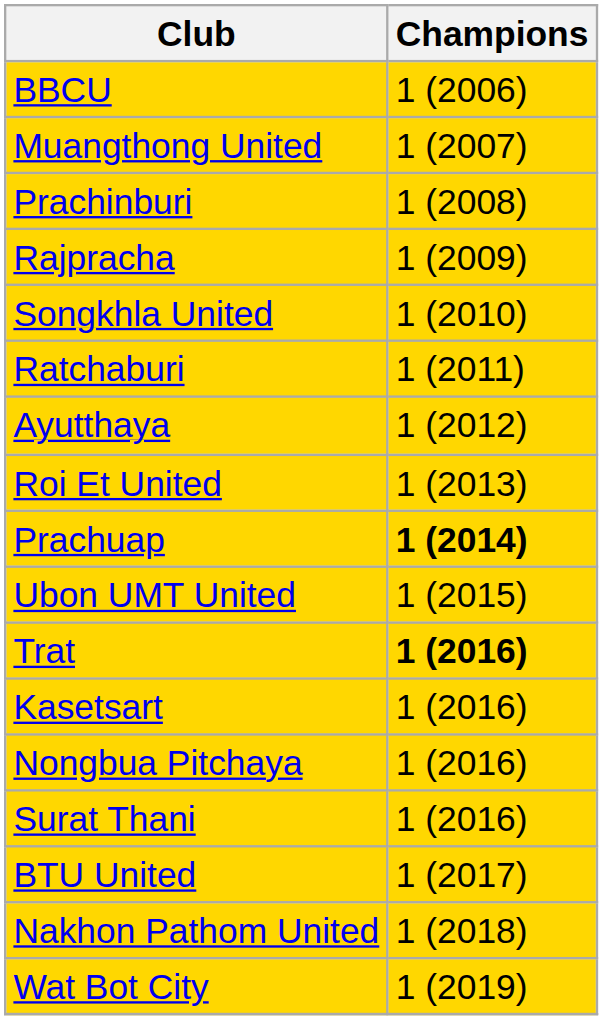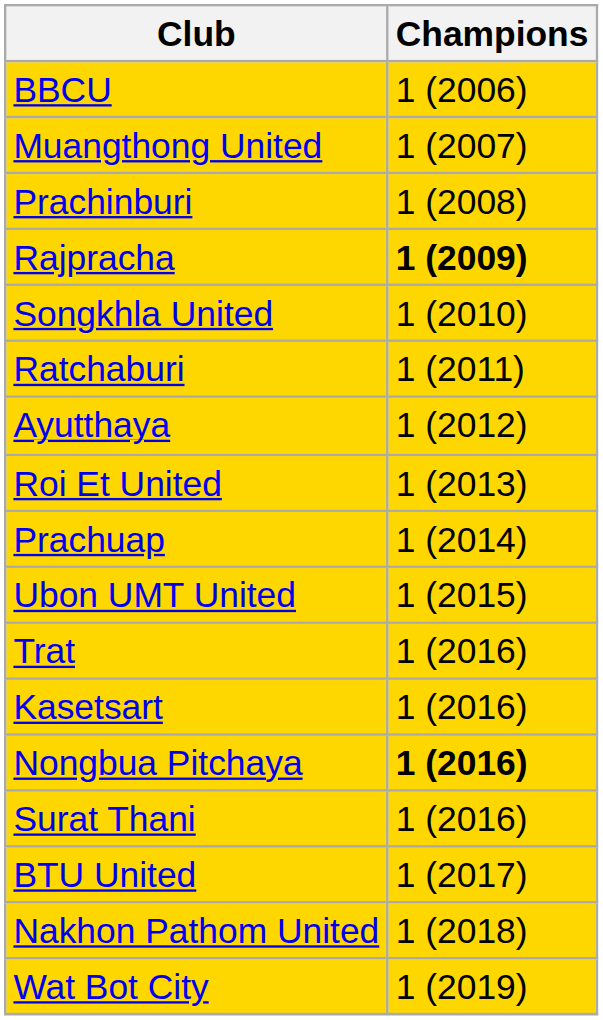 <table class="wikitable sortable" style="font-size: 95%;">
 <tr>
 <th>Club</th>
 <th>Champions</th>
 </tr>
 <tr ! style="background:gold;">
 <td><a href='#'>BBCU</a></td>
 <td>1 (2006)</td>
 </tr>
 <tr ! style="background:gold;">
 <td><a href='#'>Muangthong United</a></td>
 <td>1 (2007)</td>
 </tr>
 <tr ! style="background:gold;">
 <td><a href='#'>Prachinburi</a></td>
 <td>1 (2008)</td>
 </tr>
 <tr ! style="background:gold;">
 <td><a href='#'>Rajpracha</a></td>
-<td>1 (2009)</td>
+<td><strong>1 (2009)</strong></td>
 </tr>
 <tr ! style="background:gold;">
 <td><a href='#'>Songkhla United</a></td>
 <td>1 (2010)</td>
 </tr>
 <tr ! style="background:gold;">
 <td><a href='#'>Ratchaburi</a></td>
 <td>1 (2011)</td>
 </tr>
 <tr ! style="background:gold;">
 <td><a href='#'>Ayutthaya</a></td>
 <td>1 (2012)</td>
 </tr>
 <tr ! style="background:gold;">
 <td><a href='#'>Roi Et United</a></td>
 <td>1 (2013)</td>
 </tr>
 <tr ! style="background:gold;">
 <td><a href='#'>Prachuap</a></td>
-<td><strong>1 (2014)</strong></td>
+<td>1 (2014)</td>
 </tr>
 <tr ! style="background:gold">
 <td><a href='#'>Ubon UMT United</a></td>
 <td>1 (2015)</td>
 </tr>
 <tr ! style="background:gold;">
 <td><a href='#'>Trat</a></td>
-<td><strong>1 (2016)</strong></td>
+<td>1 (2016)</td>
 </tr>
 <tr ! style="background:gold;">
 <td><a href='#'>Kasetsart</a></td>
 <td>1 (2016)</td>
 </tr>
 <tr ! style="background:gold;">
 <td><a href='#'>Nongbua Pitchaya</a></td>
-<td>1 (2016)</td>
+<td><strong>1 (2016)</strong></td>
 </tr>
 <tr ! style="background:gold;">
 <td><a href='#'>Surat Thani</a></td>
 <td>1 (2016)</td>
 </tr>
 <tr ! style="background:gold;">
 <td><a href='#'>BTU United</a></td>
 <td>1 (2017)</td>
 </tr>
 <tr ! style="background:gold;">
 <td><a href='#'>Nakhon Pathom United</a></td>
 <td>1 (2018)</td>
 </tr>
 <tr ! style="background:gold;">
 <td><a href='#'>Wat Bot City</a></td>
 <td>1 (2019)</td>
 </tr>
 <tr ! style="background:gold;">
 </tr>
 </table>
